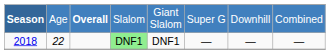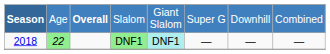 <table class="wikitable"  style="font-size:95%; text-align:center; border:gray solid 1px; width:40%;">
 <tr style="background:#369; color:white;">
 <td rowspan="2" style="width:6%;"><strong>Season</strong></td>
 </tr>
 <tr style="background:#4180be; color:white;">
 <td style="width:3%;">Age</td>
 <td style="width:5%;"><strong>Overall</strong></td>
 <td style="width:5%;">Slalom</td>
 <td style="width:5%;">Giant<br>Slalom</td>
 <td style="width:5%;">Super G</td>
 <td style="width:5%;">Downhill</td>
 <td style="width:5%;">Combined</td>
 </tr>
 <tr>
 <td><a href='#'>2018</a></td>
-<td><em>22</em></td>
+<td style="background: lightgreen;"><em>22</em></td>
 <td></td>
 <td style="background: lightgreen;">DNF1</td>
-<td>DNF1</td>
+<td style="background: paleturquoise;">DNF1</td>
 <td>—</td>
 <td>—</td>
 <td>—</td>
 </tr>
 <tr>
 </tr>
 </table>
